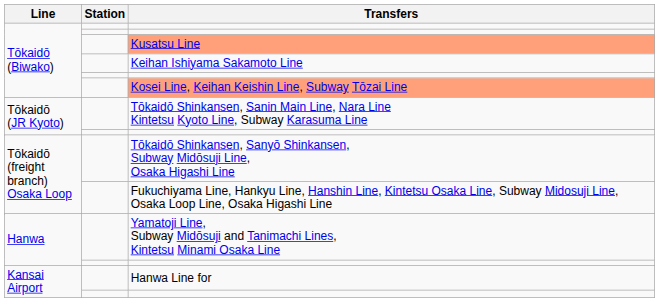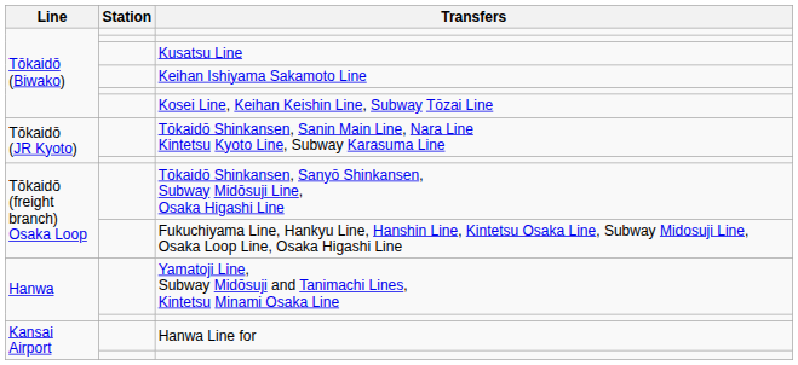 <table class=wikitable>
 <tr>
 <th>Line</th>
 <th>Station</th>
 <th>Transfers</th>
 </tr>
 <tr>
 <td rowspan=7><a href='#'>Tōkaidō</a><br>(<a href='#'>Biwako</a>)</td>
 <td></td>
 <td></td>
 </tr>
 <tr>
 <td></td>
 <td></td>
 </tr>
 <tr>
 <td></td>
-<td style="background: lightsalmon;"><a href='#'>Kusatsu Line</a></td>
+<td><a href='#'>Kusatsu Line</a></td>
 </tr>
 <tr>
 <td></td>
 <td><a href='#'>Keihan Ishiyama Sakamoto Line</a></td>
 </tr>
 <tr>
 <td></td>
 <td></td>
 </tr>
 <tr>
 <td><em></em></td>
-<td style="background: lightsalmon;"><a href='#'>Kosei Line</a>, <a href='#'>Keihan Keishin Line</a>, <a href='#'>Subway</a> <a href='#'>Tōzai Line</a></td>
+<td><a href='#'>Kosei Line</a>, <a href='#'>Keihan Keishin Line</a>, <a href='#'>Subway</a> <a href='#'>Tōzai Line</a></td>
 </tr>
 <tr>
 <td rowspan=2></td>
 <td rowspan=2><a href='#'>Tōkaidō Shinkansen</a>, <a href='#'>Sanin Main Line</a>, <a href='#'>Nara Line</a><br><a href='#'>Kintetsu</a> <a href='#'>Kyoto Line</a>, Subway <a href='#'>Karasuma Line</a></td>
 </tr>
 <tr>
 <td rowspan=3>Tōkaidō<br>(<a href='#'>JR Kyoto</a>)</td>
 </tr>
 <tr>
 <td><em></em></td>
 <td></td>
 </tr>
 <tr>
 <td rowspan=2></td>
 <td rowspan=2><a href='#'>Tōkaidō Shinkansen</a>, <a href='#'>Sanyō Shinkansen</a>,<br><a href='#'>Subway</a> <a href='#'>Midōsuji Line</a>, <br><a href='#'>Osaka Higashi Line</a></td>
 </tr>
 <tr>
 <td rowspan="3">Tōkaidō<br>(freight branch)<br><a href='#'>Osaka Loop</a></td>
 </tr>
 <tr>
 <td></td>
 <td>Fukuchiyama Line, Hankyu Line, <a href='#'>Hanshin Line</a>, <a href='#'>Kintetsu Osaka Line</a>, Subway <a href='#'>Midosuji Line</a>, Osaka Loop Line, Osaka Higashi Line</td>
 </tr>
 <tr>
 <td rowspan=2></td>
 <td rowspan=2><a href='#'>Yamatoji Line</a>,<br>Subway <a href='#'>Midōsuji</a> and <a href='#'>Tanimachi Lines</a>,<br><a href='#'>Kintetsu</a> <a href='#'>Minami Osaka Line</a></td>
 </tr>
 <tr>
 <td rowspan=3><a href='#'>Hanwa</a></td>
 </tr>
 <tr>
 <td><em></em></td>
 <td></td>
 </tr>
 <tr>
 <td rowspan=2><em></em></td>
 <td rowspan=2>Hanwa Line for </td>
 </tr>
 <tr>
 <td rowspan=2><a href='#'>Kansai Airport</a></td>
 </tr>
 <tr>
 <td></td>
 <td></td>
 </tr>
 </table>
